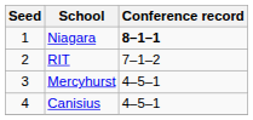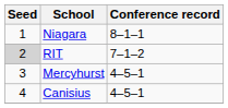 <table class="wikitable">
 <tr>
 <th>Seed</th>
 <th>School</th>
 <th>Conference record</th>
 </tr>
 <tr>
 <td align=center>1</td>
 <td><a href='#'>Niagara</a></td>
-<td><strong>8–1–1</strong></td>
+<td>8–1–1</td>
 </tr>
 <tr>
-<td align=center>2</td>
+<td align=center style="background: lightgrey;">2</td>
 <td><a href='#'>RIT</a></td>
 <td>7–1–2</td>
 </tr>
 <tr>
 <td align=center>3</td>
 <td><a href='#'>Mercyhurst</a></td>
 <td>4–5–1</td>
 </tr>
 <tr>
 <td align=center>4</td>
 <td><a href='#'>Canisius</a></td>
 <td>4–5–1</td>
 </tr>
 <tr>
 </tr>
 </table>
